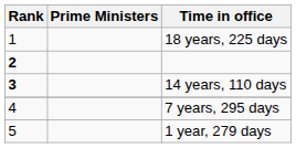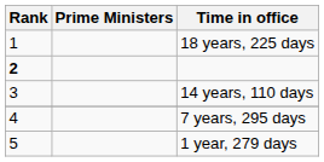 <table class="wikitable sortable">
 <tr>
 <th>Rank</th>
 <th>Prime Ministers</th>
 <th>Time in office</th>
 </tr>
 <tr>
 <td>1</td>
 <td></td>
 <td>18 years, 225 days</td>
 </tr>
 <tr>
 <td><strong>2</strong></td>
 <td><strong></strong></td>
 <td><strong></strong></td>
 </tr>
 <tr>
-<td><strong>3</strong></td>
+<td>3</td>
 <td></td>
 <td>14 years, 110 days</td>
 </tr>
 <tr bgcolor="ccccff">
 </tr>
 <tr>
 <td>4</td>
 <td></td>
 <td>7 years, 295 days</td>
 </tr>
 <tr>
 <td>5</td>
 <td></td>
 <td>1 year, 279 days</td>
 </tr>
 </table>
